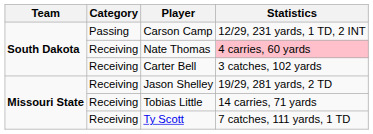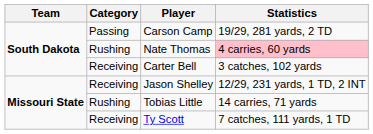 <table class="wikitable" style="float: right;">
 <tr>
 <th>Team</th>
 <th>Category</th>
 <th>Player</th>
 <th>Statistics</th>
 </tr>
 <tr>
 <td rowspan=3><strong>South Dakota</strong></td>
 <td>Passing</td>
 <td>Carson Camp</td>
-<td>12/29, 231 yards, 1 TD, 2 INT</td>
+<td>19/29, 281 yards, 2 TD</td>
 </tr>
 <tr>
-<td>Receiving</td>
+<td>Rushing</td>
 <td>Nate Thomas</td>
 <td style="background: pink;">4 carries, 60 yards</td>
 </tr>
 <tr>
 <td>Receiving</td>
 <td>Carter Bell</td>
 <td>3 catches, 102 yards</td>
 </tr>
 <tr>
 <td rowspan=3><strong>Missouri State</strong></td>
 <td>Receiving</td>
 <td>Jason Shelley</td>
-<td>19/29, 281 yards, 2 TD</td>
+<td>12/29, 231 yards, 1 TD, 2 INT</td>
 </tr>
 <tr>
-<td>Receiving</td>
+<td>Rushing</td>
 <td>Tobias Little</td>
 <td>14 carries, 71 yards</td>
 </tr>
 <tr>
 <td>Receiving</td>
 <td><a href='#'>Ty Scott</a></td>
 <td>7 catches, 111 yards, 1 TD</td>
 </tr>
 </table>
